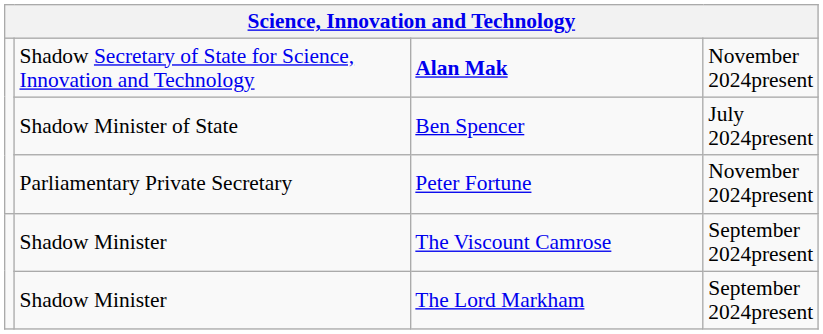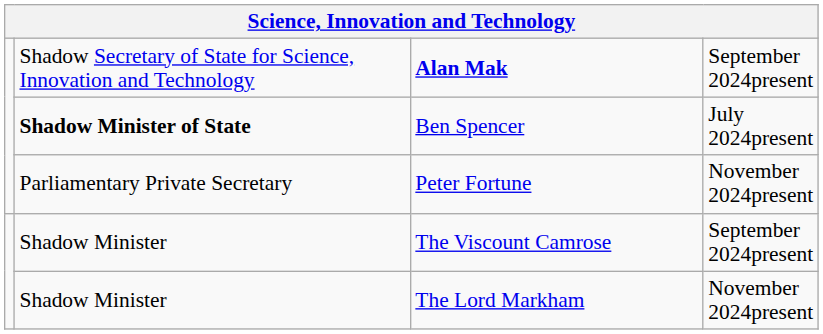 <table class="wikitable">
 <tr>
 <th colspan="4"><a href='#'>Science, Innovation and Technology</a></th>
 </tr>
 <tr>
 <td rowspan="3" style="background: "></td>
 <td style="width: 450px;">Shadow <a href='#'>Secretary of State for Science, Innovation and Technology</a></td>
 <td style="width: 333px;"><a href='#'><strong>Alan Mak</strong></a></td>
-<td>November 2024present</td>
+<td>September 2024present</td>
 </tr>
 <tr>
-<td>Shadow Minister of State</td>
+<td><strong>Shadow Minister of State</strong></td>
 <td><a href='#'>Ben Spencer</a></td>
 <td>July 2024present</td>
 </tr>
 <tr>
 <td>Parliamentary Private Secretary</td>
 <td><a href='#'>Peter Fortune</a></td>
 <td>November 2024present</td>
 </tr>
 <tr>
 <td rowspan="2" style="background: "></td>
 <td>Shadow Minister</td>
 <td><a href='#'>The Viscount Camrose</a></td>
 <td>September 2024present</td>
 </tr>
 <tr>
 <td>Shadow Minister</td>
 <td><a href='#'>The Lord Markham</a></td>
-<td>September 2024present</td>
+<td>November 2024present</td>
 </tr>
 </table>
